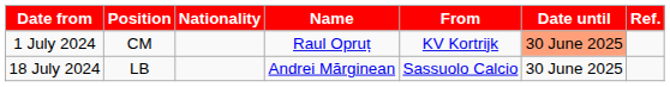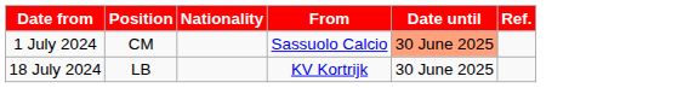 <table class="wikitable"  style="text-align:center; font-size:90%; ">
 <tr>
 <th style="background:red;color:white;">Date from</th>
 <th style="background:red;color:white;">Position</th>
 <th style="background:red;color:white;">Nationality</th>
-<th style="background:red;color:white;">Name</th>
 <th style="background:red;color:white;">From</th>
 <th style="background:red;color:white;">Date until</th>
 <th style="background:red;color:white;">Ref.</th>
 </tr>
 <tr>
 <td>1 July 2024</td>
 <td>CM</td>
 <td></td>
-<td><a href='#'>Raul Opruț</a></td>
-<td> <a href='#'>KV Kortrijk</a></td>
+<td> <a href='#'>Sassuolo Calcio</a></td>
 <td style="background: lightsalmon;">30 June 2025</td>
 <td></td>
 </tr>
 <tr>
 <td>18 July 2024</td>
 <td>LB</td>
 <td></td>
-<td><a href='#'>Andrei Mărginean</a></td>
-<td> <a href='#'>Sassuolo Calcio</a></td>
+<td> <a href='#'>KV Kortrijk</a></td>
 <td>30 June 2025</td>
 <td></td>
 </tr>
 </table>
